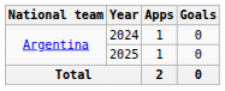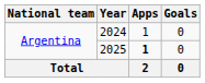 <table class="wikitable" style="text-align: center;">
 <tr>
 <th>National team</th>
 <th>Year</th>
 <th>Apps</th>
 <th>Goals</th>
 </tr>
 <tr>
 <td rowspan="2"><a href='#'>Argentina</a></td>
 <td>2024</td>
 <td>1</td>
 <td>0</td>
 </tr>
 <tr>
 <td>2025</td>
-<td>1</td>
+<td><strong>1</strong></td>
 <td>0</td>
 </tr>
 <tr>
 <th colspan="2">Total</th>
 <th>2</th>
 <th>0</th>
 </tr>
 </table>
